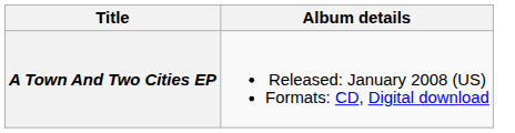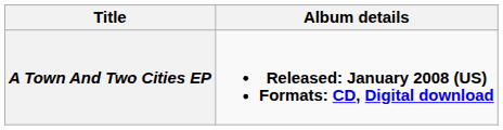 <table class="wikitable plainrowheaders" style="text-align:center;">
 <tr>
 <th scope="col">Title</th>
 <th scope="col">Album details</th>
 </tr>
 <tr>
 <th scope="row"><em>A Town And Two Cities EP</em></th>
-<td><br><ul><li>Released: January 2008 (US)</li><li>Formats: <a href='#'>CD</a>, <a href='#'>Digital download</a></li></ul></td>
+<td><strong><br><ul><li>Released: January 2008 (US)</li><li>Formats: <a href='#'>CD</a>, <a href='#'>Digital download</a></li></ul></strong></td>
 </tr>
 </table>
